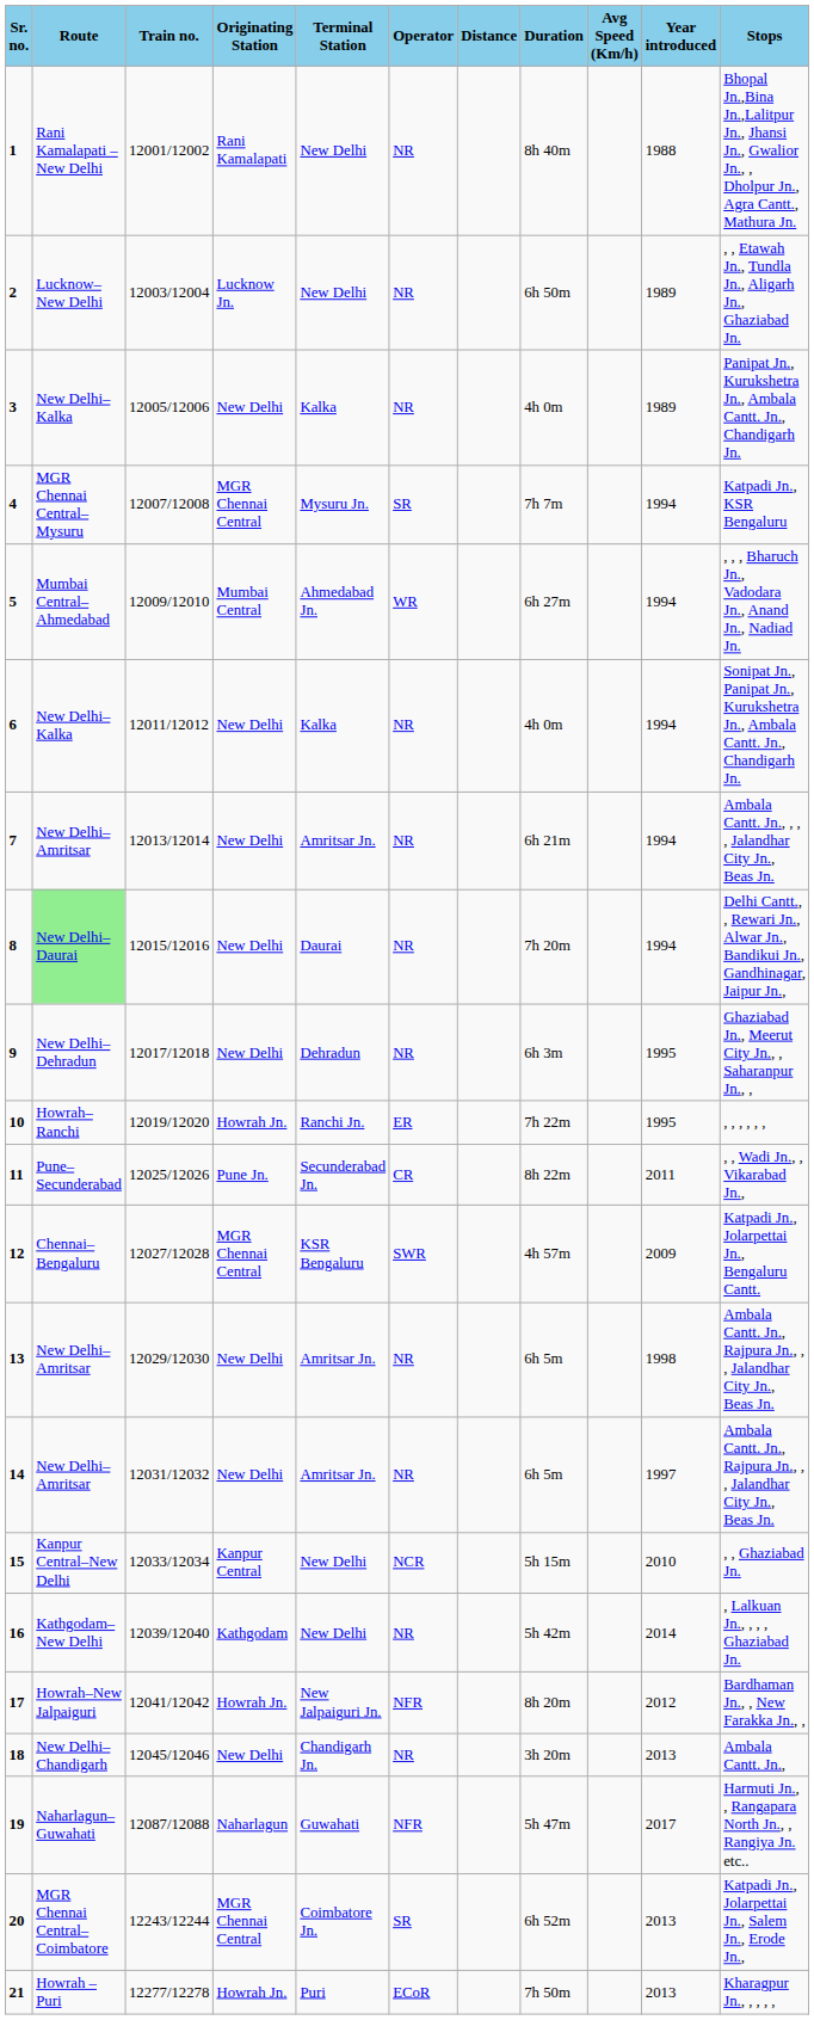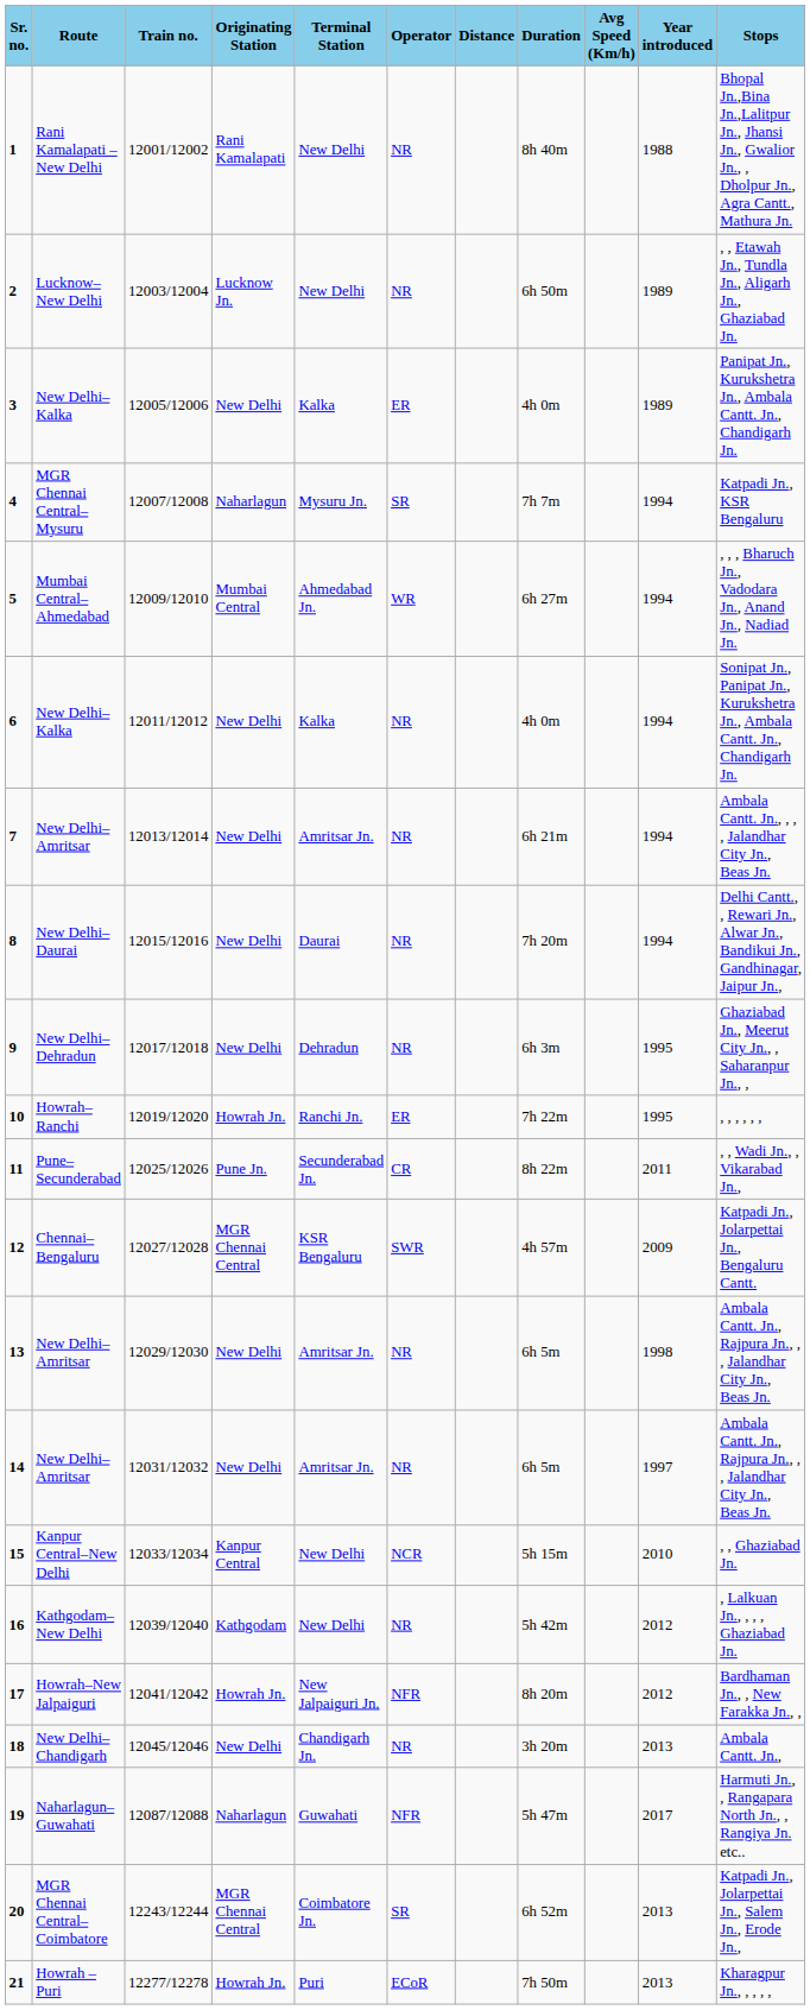 <table class="wikitable sortable" style="font-size: 85%;">
 <tr>
 <th style="background-color:skyblue;">Sr. no.</th>
 <th style="background-color:skyblue;">Route</th>
 <th style="background-color:skyblue;">Train no.</th>
 <th style="background-color:skyblue;">Originating Station</th>
 <th style="background-color:skyblue;">Terminal Station</th>
 <th style="background-color:skyblue;">Operator</th>
 <th style="background-color:skyblue;">Distance</th>
 <th style="background-color:skyblue;">Duration</th>
 <th style="background-color:skyblue;">Avg Speed (Km/h)</th>
 <th style="background-color:skyblue;">Year introduced</th>
 <th style="background-color: skyblue;">Stops</th>
 </tr>
 <tr>
 <td><strong>1</strong></td>
 <td><a href='#'>Rani Kamalapati – New Delhi</a></td>
 <td>12001/12002</td>
 <td><a href='#'>Rani Kamalapati</a></td>
 <td><a href='#'>New Delhi</a></td>
 <td><a href='#'>NR</a></td>
 <td></td>
 <td>8h 40m</td>
 <td></td>
 <td>1988</td>
 <td><a href='#'>Bhopal Jn.</a>,<a href='#'>Bina Jn.</a>,<a href='#'>Lalitpur Jn.</a>, <a href='#'>Jhansi Jn.</a>, <a href='#'>Gwalior Jn.</a>, , <a href='#'>Dholpur Jn.</a>, <a href='#'>Agra Cantt.</a>, <a href='#'>Mathura Jn.</a></td>
 </tr>
 <tr>
 <td><strong>2</strong></td>
 <td><a href='#'>Lucknow–New Delhi</a></td>
 <td>12003/12004</td>
 <td><a href='#'>Lucknow Jn.</a></td>
 <td><a href='#'>New Delhi</a></td>
 <td><a href='#'>NR</a></td>
 <td></td>
 <td>6h 50m</td>
 <td></td>
 <td>1989</td>
 <td>, , <a href='#'>Etawah Jn.</a>, <a href='#'>Tundla Jn.</a>, <a href='#'>Aligarh Jn.</a>, <a href='#'>Ghaziabad Jn.</a></td>
 </tr>
 <tr>
 <td><strong>3</strong></td>
 <td><a href='#'>New Delhi–Kalka</a></td>
 <td>12005/12006</td>
 <td><a href='#'>New Delhi</a></td>
 <td><a href='#'>Kalka</a></td>
-<td><a href='#'>NR</a></td>
+<td><a href='#'>ER</a></td>
 <td></td>
 <td>4h 0m</td>
 <td></td>
 <td>1989</td>
 <td><a href='#'>Panipat Jn.</a>, <a href='#'>Kurukshetra Jn.</a>, <a href='#'>Ambala Cantt. Jn.</a>, <a href='#'>Chandigarh Jn.</a></td>
 </tr>
 <tr>
 <td><strong>4</strong></td>
 <td><a href='#'>MGR Chennai Central–Mysuru</a></td>
 <td>12007/12008</td>
-<td><a href='#'>MGR Chennai Central</a></td>
+<td><a href='#'>Naharlagun</a></td>
 <td><a href='#'>Mysuru Jn.</a></td>
 <td><a href='#'>SR</a></td>
 <td></td>
 <td>7h 7m</td>
 <td></td>
 <td>1994</td>
 <td><a href='#'>Katpadi Jn.</a>, <a href='#'>KSR Bengaluru</a></td>
 </tr>
 <tr>
 <td><strong>5</strong></td>
 <td><a href='#'>Mumbai Central–Ahmedabad</a></td>
 <td>12009/12010</td>
 <td><a href='#'>Mumbai Central</a></td>
 <td><a href='#'>Ahmedabad Jn.</a></td>
 <td><a href='#'>WR</a></td>
 <td></td>
 <td>6h 27m</td>
 <td></td>
 <td>1994</td>
 <td>, , , <a href='#'>Bharuch Jn.</a>, <a href='#'>Vadodara Jn.</a>, <a href='#'>Anand Jn.</a>, <a href='#'>Nadiad Jn.</a></td>
 </tr>
 <tr>
 <td><strong>6</strong></td>
 <td><a href='#'>New Delhi–Kalka</a></td>
 <td>12011/12012</td>
 <td><a href='#'>New Delhi</a></td>
 <td><a href='#'>Kalka</a></td>
 <td><a href='#'>NR</a></td>
 <td></td>
 <td>4h 0m</td>
 <td></td>
 <td>1994</td>
 <td><a href='#'>Sonipat Jn.</a>, <a href='#'>Panipat Jn.</a>, <a href='#'>Kurukshetra Jn.</a>, <a href='#'>Ambala Cantt. Jn.</a>, <a href='#'>Chandigarh Jn.</a></td>
 </tr>
 <tr>
 <td><strong>7</strong></td>
 <td><a href='#'>New Delhi–Amritsar</a></td>
 <td>12013/12014</td>
 <td><a href='#'>New Delhi</a></td>
 <td><a href='#'>Amritsar Jn.</a></td>
 <td><a href='#'>NR</a></td>
 <td></td>
 <td>6h 21m</td>
 <td></td>
 <td>1994</td>
 <td><a href='#'>Ambala Cantt. Jn.</a>, , , , <a href='#'>Jalandhar City Jn.</a>, <a href='#'>Beas Jn.</a></td>
 </tr>
 <tr>
 <td><strong>8</strong></td>
-<td style="background: lightgreen;"><a href='#'>New Delhi–Daurai</a></td>
+<td><a href='#'>New Delhi–Daurai</a></td>
 <td>12015/12016</td>
 <td><a href='#'>New Delhi</a></td>
 <td><a href='#'>Daurai</a></td>
 <td><a href='#'>NR</a></td>
 <td></td>
 <td>7h 20m</td>
 <td></td>
 <td>1994</td>
 <td><a href='#'>Delhi Cantt.</a>, , <a href='#'>Rewari Jn.</a>, <a href='#'>Alwar Jn.</a>, <a href='#'>Bandikui Jn.</a>, <a href='#'>Gandhinagar</a>, <a href='#'>Jaipur Jn.</a>, </td>
 </tr>
 <tr>
 <td><strong>9</strong></td>
 <td><a href='#'>New Delhi–Dehradun</a></td>
 <td>12017/12018</td>
 <td><a href='#'>New Delhi</a></td>
 <td><a href='#'>Dehradun</a></td>
 <td><a href='#'>NR</a></td>
 <td></td>
 <td>6h 3m</td>
 <td></td>
 <td>1995</td>
 <td><a href='#'>Ghaziabad Jn.</a>, <a href='#'>Meerut City Jn.</a>, , <a href='#'>Saharanpur Jn.</a>, , </td>
 </tr>
 <tr>
 <td><strong>10</strong></td>
 <td><a href='#'>Howrah–Ranchi</a></td>
 <td>12019/12020</td>
 <td><a href='#'>Howrah Jn.</a></td>
 <td><a href='#'>Ranchi Jn.</a></td>
 <td><a href='#'>ER</a></td>
 <td></td>
 <td>7h 22m</td>
 <td></td>
 <td>1995</td>
 <td>, , , , , , </td>
 </tr>
 <tr>
 <td><strong>11</strong></td>
 <td><a href='#'>Pune–Secunderabad</a></td>
 <td>12025/12026</td>
 <td><a href='#'>Pune Jn.</a></td>
 <td><a href='#'>Secunderabad Jn.</a></td>
 <td><a href='#'>CR</a></td>
 <td></td>
 <td>8h 22m</td>
 <td></td>
 <td>2011</td>
 <td>, , <a href='#'>Wadi Jn.</a>, , <a href='#'>Vikarabad Jn.</a>, </td>
 </tr>
 <tr>
 <td><strong>12</strong></td>
 <td><a href='#'>Chennai–Bengaluru</a></td>
 <td>12027/12028</td>
 <td><a href='#'>MGR Chennai Central</a></td>
 <td><a href='#'>KSR Bengaluru</a></td>
 <td><a href='#'>SWR</a></td>
 <td></td>
 <td>4h 57m</td>
 <td></td>
 <td>2009</td>
 <td><a href='#'>Katpadi Jn.</a>,<br><a href='#'>Jolarpettai Jn.</a>,  <a href='#'>Bengaluru Cantt.</a></td>
 </tr>
 <tr>
 <td><strong>13</strong></td>
 <td><a href='#'>New Delhi–Amritsar</a></td>
 <td>12029/12030</td>
 <td><a href='#'>New Delhi</a></td>
 <td><a href='#'>Amritsar Jn.</a></td>
 <td><a href='#'>NR</a></td>
 <td></td>
 <td>6h 5m</td>
 <td></td>
 <td>1998</td>
 <td><a href='#'>Ambala Cantt. Jn.</a>, <a href='#'>Rajpura Jn.</a>, , , <a href='#'>Jalandhar City Jn.</a>, <a href='#'>Beas Jn.</a></td>
 </tr>
 <tr>
 <td><strong>14</strong></td>
 <td><a href='#'>New Delhi–Amritsar</a></td>
 <td>12031/12032</td>
 <td><a href='#'>New Delhi</a></td>
 <td><a href='#'>Amritsar Jn.</a></td>
 <td><a href='#'>NR</a></td>
 <td></td>
 <td>6h 5m</td>
 <td></td>
 <td>1997</td>
 <td><a href='#'>Ambala Cantt. Jn.</a>, <a href='#'>Rajpura Jn.</a>, , , <a href='#'>Jalandhar City Jn.</a>, <a href='#'>Beas Jn.</a></td>
 </tr>
 <tr>
 <td><strong>15</strong></td>
 <td><a href='#'>Kanpur Central–New Delhi</a></td>
 <td>12033/12034</td>
 <td><a href='#'>Kanpur Central</a></td>
 <td><a href='#'>New Delhi</a></td>
 <td><a href='#'>NCR</a></td>
 <td></td>
 <td>5h 15m</td>
 <td></td>
 <td>2010</td>
 <td>, , <a href='#'>Ghaziabad Jn.</a></td>
 </tr>
 <tr>
 <td><strong>16</strong></td>
 <td><a href='#'>Kathgodam–New Delhi</a></td>
 <td>12039/12040</td>
 <td><a href='#'>Kathgodam</a></td>
 <td><a href='#'>New Delhi</a></td>
 <td><a href='#'>NR</a></td>
 <td></td>
 <td>5h 42m</td>
 <td></td>
-<td>2014</td>
+<td>2012</td>
 <td>, <a href='#'>Lalkuan Jn.</a>, , , , <a href='#'>Ghaziabad Jn.</a></td>
 </tr>
 <tr>
 <td><strong>17</strong></td>
 <td><a href='#'>Howrah–New Jalpaiguri</a></td>
 <td>12041/12042</td>
 <td><a href='#'>Howrah Jn.</a></td>
 <td><a href='#'>New Jalpaiguri Jn.</a></td>
 <td><a href='#'>NFR</a></td>
 <td></td>
 <td>8h 20m</td>
 <td></td>
 <td>2012</td>
 <td><a href='#'>Bardhaman Jn.</a>, , <a href='#'>New Farakka Jn.</a>, , </td>
 </tr>
 <tr>
 <td><strong>18</strong></td>
 <td><a href='#'>New Delhi–Chandigarh</a></td>
 <td>12045/12046</td>
 <td><a href='#'>New Delhi</a></td>
 <td><a href='#'>Chandigarh Jn.</a></td>
 <td><a href='#'>NR</a></td>
 <td></td>
 <td>3h 20m</td>
 <td></td>
 <td>2013</td>
 <td><a href='#'>Ambala Cantt. Jn.</a>, </td>
 </tr>
 <tr>
 <td><strong>19</strong></td>
 <td><a href='#'>Naharlagun–Guwahati</a></td>
 <td>12087/12088</td>
 <td><a href='#'>Naharlagun</a></td>
 <td><a href='#'>Guwahati</a></td>
 <td><a href='#'>NFR</a></td>
 <td></td>
 <td>5h 47m</td>
 <td></td>
 <td>2017</td>
 <td><a href='#'>Harmuti Jn.</a>, , <a href='#'>Rangapara North Jn.</a>, , <a href='#'>Rangiya Jn.</a> etc..</td>
 </tr>
 <tr>
 <td><strong>20</strong></td>
 <td><a href='#'>MGR Chennai Central–Coimbatore</a></td>
 <td>12243/12244</td>
 <td><a href='#'>MGR Chennai Central</a></td>
 <td><a href='#'>Coimbatore Jn.</a></td>
 <td><a href='#'>SR</a></td>
 <td></td>
 <td>6h 52m</td>
 <td></td>
 <td>2013</td>
 <td><a href='#'>Katpadi Jn.</a>, <a href='#'>Jolarpettai Jn.</a>, <a href='#'>Salem Jn.</a>, <a href='#'>Erode Jn.</a>, </td>
 </tr>
 <tr>
 <td><strong>21</strong></td>
 <td><a href='#'>Howrah – Puri</a></td>
 <td>12277/12278</td>
 <td><a href='#'>Howrah Jn.</a></td>
 <td><a href='#'>Puri</a></td>
 <td><a href='#'>ECoR</a></td>
 <td></td>
 <td>7h 50m</td>
 <td></td>
 <td>2013</td>
 <td><a href='#'>Kharagpur Jn.</a>, , , , , </td>
 </tr>
 </table>
